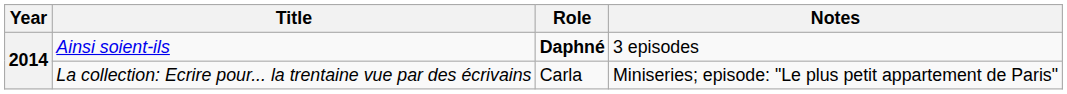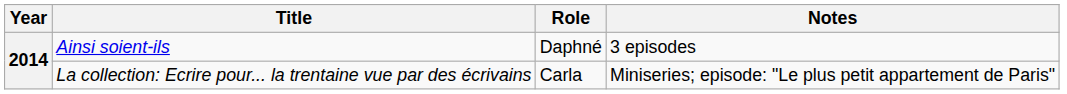 <table class="wikitable sortable plainrowheaders">
 <tr>
 <th scope="col">Year</th>
 <th scope="col">Title</th>
 <th scope="col">Role</th>
 <th class="unsortable">Notes</th>
 </tr>
 <tr>
 <th scope="row" rowspan="2">2014</th>
 <td><em><a href='#'>Ainsi soient-ils</a></em></td>
-<td><strong>Daphné</strong></td>
+<td>Daphné</td>
 <td>3 episodes</td>
 </tr>
 <tr>
 <td><em>La collection: Ecrire pour... la trentaine vue par des écrivains</em></td>
 <td>Carla</td>
 <td>Miniseries; episode: "Le plus petit appartement de Paris"</td>
 </tr>
 </table>
